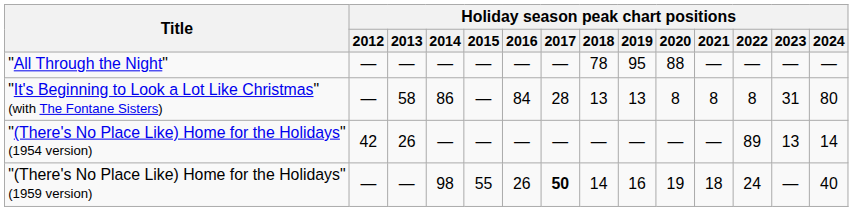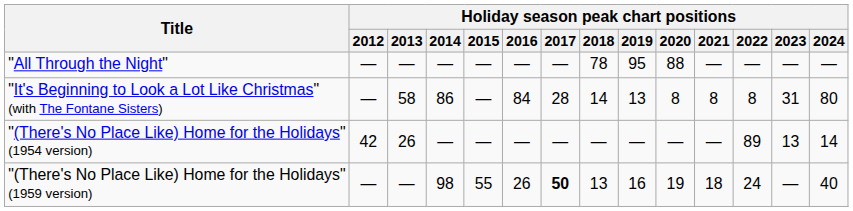 <table class = "wikitable" style = text-align:center;>
 <tr>
 <th rowspan = "2">Title</th>
 <th colspan = "14">Holiday season peak chart positions</th>
 </tr>
 <tr style = "width:3em;font-size:90%;">
 <th align = center>2012</th>
 <th align = center>2013</th>
 <th align = center>2014</th>
 <th align = center>2015</th>
 <th align = center>2016</th>
 <th align = center>2017</th>
 <th align = center>2018</th>
 <th align = center>2019</th>
 <th align = center>2020</th>
 <th align = center>2021</th>
 <th align = center>2022</th>
 <th align = center>2023</th>
 <th align = center>2024</th>
 </tr>
 <tr>
 <td align = left>"<a href='#'>All Through the Night</a>"</td>
 <td>—</td>
 <td>—</td>
 <td>—</td>
 <td>—</td>
 <td>—</td>
 <td>—</td>
 <td>78</td>
 <td>95</td>
 <td>88</td>
 <td>—</td>
 <td>—</td>
 <td>—</td>
 <td>—</td>
 </tr>
 <tr>
 <td align = left>"<a href='#'>It's Beginning to Look a Lot Like Christmas</a>"<br><small>(with <a href='#'>The Fontane Sisters</a>)</small></td>
 <td>—</td>
 <td>58</td>
 <td>86</td>
 <td>—</td>
 <td>84</td>
 <td>28</td>
-<td>13</td>
+<td>14</td>
 <td>13</td>
 <td>8</td>
 <td>8</td>
 <td>8</td>
 <td>31</td>
 <td>80</td>
 </tr>
 <tr>
 <td align = left>"<a href='#'>(There's No Place Like) Home for the Holidays</a>"<br><small>(1954 version)</small></td>
 <td>42</td>
 <td>26</td>
 <td>—</td>
 <td>—</td>
 <td>—</td>
 <td>—</td>
 <td>—</td>
 <td>—</td>
 <td>—</td>
 <td>—</td>
 <td>89</td>
 <td>13</td>
 <td>14</td>
 </tr>
 <tr>
 <td align = left>"(There's No Place Like) Home for the Holidays"<small><br>(1959 version)</small></td>
 <td>—</td>
 <td>—</td>
 <td>98</td>
 <td>55</td>
 <td>26</td>
 <td><strong>50</strong></td>
-<td>14</td>
+<td>13</td>
 <td>16</td>
 <td>19</td>
 <td>18</td>
 <td>24</td>
 <td>—</td>
 <td>40</td>
 </tr>
 </table>
